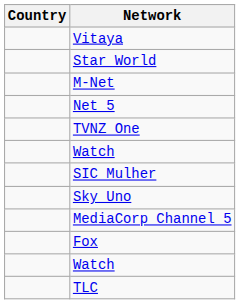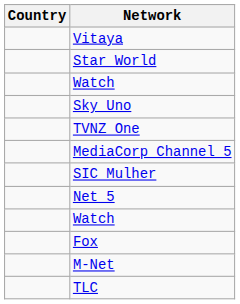 <table class="wikitable">
 <tr>
 <th>Country</th>
 <th>Network</th>
 </tr>
 <tr>
 <td></td>
 <td><a href='#'>Vitaya</a></td>
 </tr>
 <tr>
 <td></td>
 <td><a href='#'>Star World</a></td>
 </tr>
 <tr>
 <td></td>
-<td><a href='#'>M-Net</a></td>
+<td><a href='#'>Watch</a></td>
+</tr>
+<tr>
+<td></td>
+<td><a href='#'>Sky Uno</a></td>
+</tr>
+<tr>
+<td></td>
+<td><a href='#'>TVNZ One</a></td>
+</tr>
+<tr>
+<td></td>
+<td><a href='#'>MediaCorp Channel 5</a></td>
+</tr>
+<tr>
+<td></td>
+<td><a href='#'>SIC Mulher</a></td>
 </tr>
 <tr>
 <td></td>
 <td><a href='#'>Net 5</a></td>
 </tr>
 <tr>
 <td></td>
-<td><a href='#'>TVNZ One</a></td>
-</tr>
-<tr>
-<td></td>
 <td><a href='#'>Watch</a></td>
-</tr>
-<tr>
-<td></td>
-<td><a href='#'>SIC Mulher</a></td>
-</tr>
-<tr>
-<td></td>
-<td><a href='#'>Sky Uno</a></td>
-</tr>
-<tr>
-<td></td>
-<td><a href='#'>MediaCorp Channel 5</a></td>
 </tr>
 <tr>
 <td></td>
 <td><a href='#'>Fox</a></td>
 </tr>
 <tr>
 <td></td>
-<td><a href='#'>Watch</a></td>
+<td><a href='#'>M-Net</a></td>
 </tr>
 <tr>
 <td></td>
 <td><a href='#'>TLC</a></td>
 </tr>
 </table>
